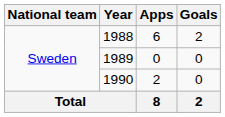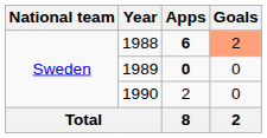 <table class="wikitable" style="text-align:center">
 <tr>
 <th>National team</th>
 <th>Year</th>
 <th>Apps</th>
 <th>Goals</th>
 </tr>
 <tr>
 <td rowspan="3"><a href='#'>Sweden</a></td>
 <td>1988</td>
-<td>6</td>
-<td>2</td>
+<td><strong>6</strong></td>
+<td style="background: lightsalmon;">2</td>
 </tr>
 <tr>
 <td>1989</td>
-<td>0</td>
+<td><strong>0</strong></td>
 <td>0</td>
 </tr>
 <tr>
 <td>1990</td>
 <td>2</td>
 <td>0</td>
 </tr>
 <tr>
 <th colspan="2">Total</th>
 <th>8</th>
 <th>2</th>
 </tr>
 </table>
